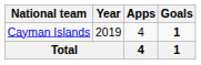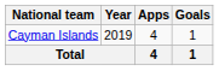 <table class="wikitable" style="text-align:center">
 <tr>
 <th>National team</th>
 <th>Year</th>
 <th>Apps</th>
 <th>Goals</th>
 </tr>
 <tr>
 <td rowspan="1"><a href='#'>Cayman Islands</a></td>
 <td>2019</td>
 <td>4</td>
-<td><strong>1</strong></td>
+<td>1</td>
 </tr>
 <tr>
 <th colspan=2>Total</th>
 <th>4</th>
 <th>1</th>
 </tr>
 </table>
